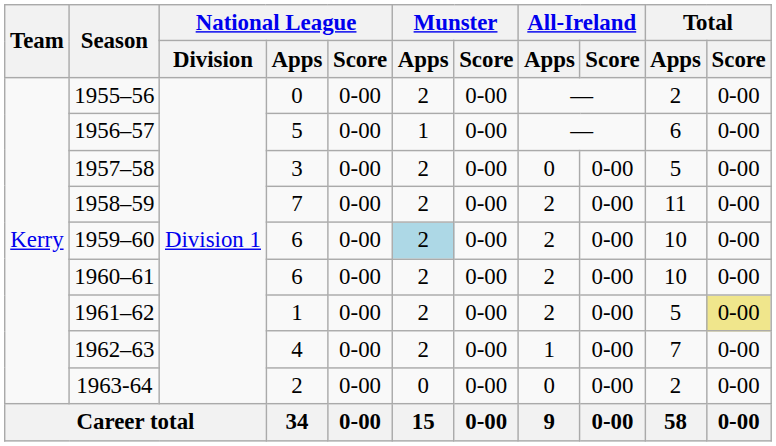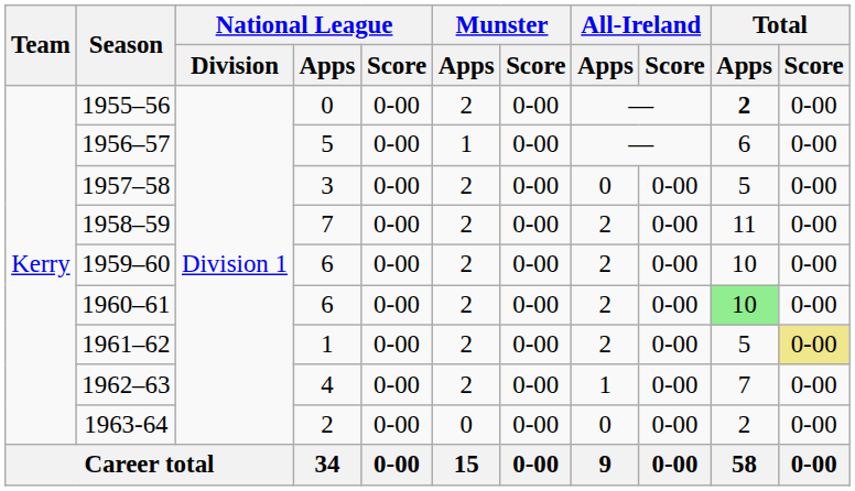 <table class="wikitable" style="text-align:center">
 <tr>
 <th rowspan="2">Team</th>
 <th rowspan="2">Season</th>
 <th colspan="3"><a href='#'>National League</a></th>
 <th colspan="2"><a href='#'>Munster</a></th>
 <th colspan="2"><a href='#'>All-Ireland</a></th>
 <th colspan="2">Total</th>
 </tr>
 <tr>
 <th>Division</th>
 <th>Apps</th>
 <th>Score</th>
 <th>Apps</th>
 <th>Score</th>
 <th>Apps</th>
 <th>Score</th>
 <th>Apps</th>
 <th>Score</th>
 </tr>
 <tr>
 <td rowspan="9"><a href='#'>Kerry</a></td>
 <td>1955–56</td>
 <td rowspan="9"><a href='#'>Division 1</a></td>
 <td>0</td>
 <td>0-00</td>
 <td>2</td>
 <td>0-00</td>
 <td colspan=2>—</td>
-<td>2</td>
+<td><strong>2</strong></td>
 <td>0-00</td>
 </tr>
 <tr>
 <td>1956–57</td>
 <td>5</td>
 <td>0-00</td>
 <td>1</td>
 <td>0-00</td>
 <td colspan=2>—</td>
 <td>6</td>
 <td>0-00</td>
 </tr>
 <tr>
 <td>1957–58</td>
 <td>3</td>
 <td>0-00</td>
 <td>2</td>
 <td>0-00</td>
 <td>0</td>
 <td>0-00</td>
 <td>5</td>
 <td>0-00</td>
 </tr>
 <tr>
 <td>1958–59</td>
 <td>7</td>
 <td>0-00</td>
 <td>2</td>
 <td>0-00</td>
 <td>2</td>
 <td>0-00</td>
 <td>11</td>
 <td>0-00</td>
 </tr>
 <tr>
 <td>1959–60</td>
 <td>6</td>
 <td>0-00</td>
-<td style="background: lightblue;">2</td>
+<td>2</td>
 <td>0-00</td>
 <td>2</td>
 <td>0-00</td>
 <td>10</td>
 <td>0-00</td>
 </tr>
 <tr>
 <td>1960–61</td>
 <td>6</td>
 <td>0-00</td>
 <td>2</td>
 <td>0-00</td>
 <td>2</td>
 <td>0-00</td>
-<td>10</td>
+<td style="background: lightgreen;">10</td>
 <td>0-00</td>
 </tr>
 <tr>
 <td>1961–62</td>
 <td>1</td>
 <td>0-00</td>
 <td>2</td>
 <td>0-00</td>
 <td>2</td>
 <td>0-00</td>
 <td>5</td>
 <td style="background: khaki;">0-00</td>
 </tr>
 <tr>
 <td>1962–63</td>
 <td>4</td>
 <td>0-00</td>
 <td>2</td>
 <td>0-00</td>
 <td>1</td>
 <td>0-00</td>
 <td>7</td>
 <td>0-00</td>
 </tr>
 <tr>
 <td>1963-64</td>
 <td>2</td>
 <td>0-00</td>
 <td>0</td>
 <td>0-00</td>
 <td>0</td>
 <td>0-00</td>
 <td>2</td>
 <td>0-00</td>
 </tr>
 <tr>
 <th colspan="3">Career total</th>
 <th>34</th>
 <th>0-00</th>
 <th>15</th>
 <th>0-00</th>
 <th>9</th>
 <th>0-00</th>
 <th>58</th>
 <th>0-00</th>
 </tr>
 </table>
